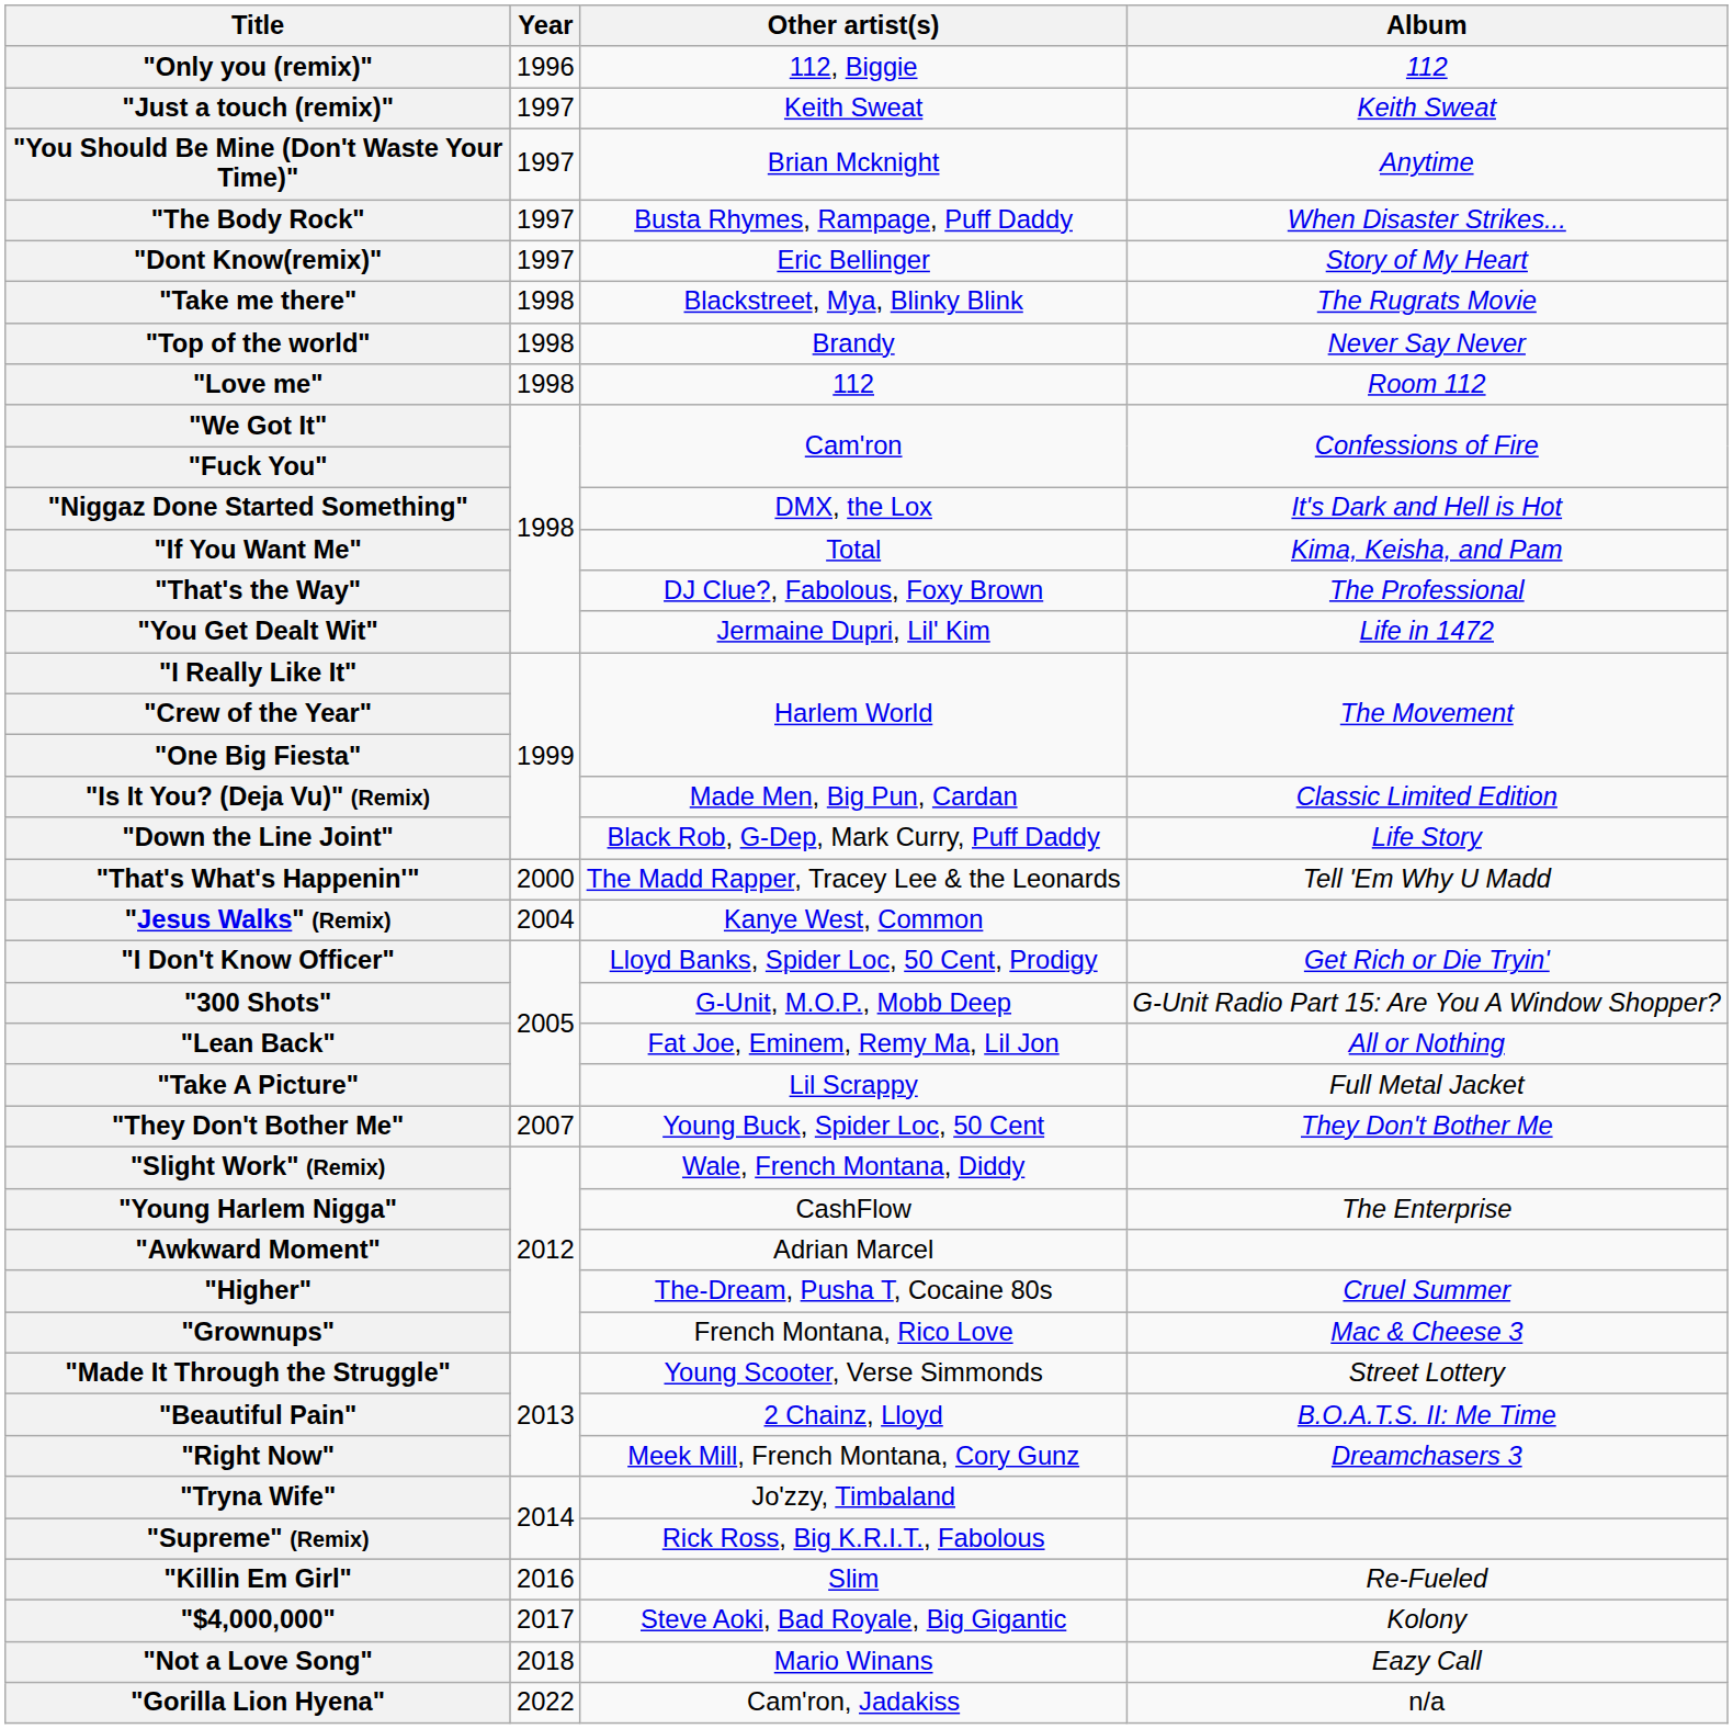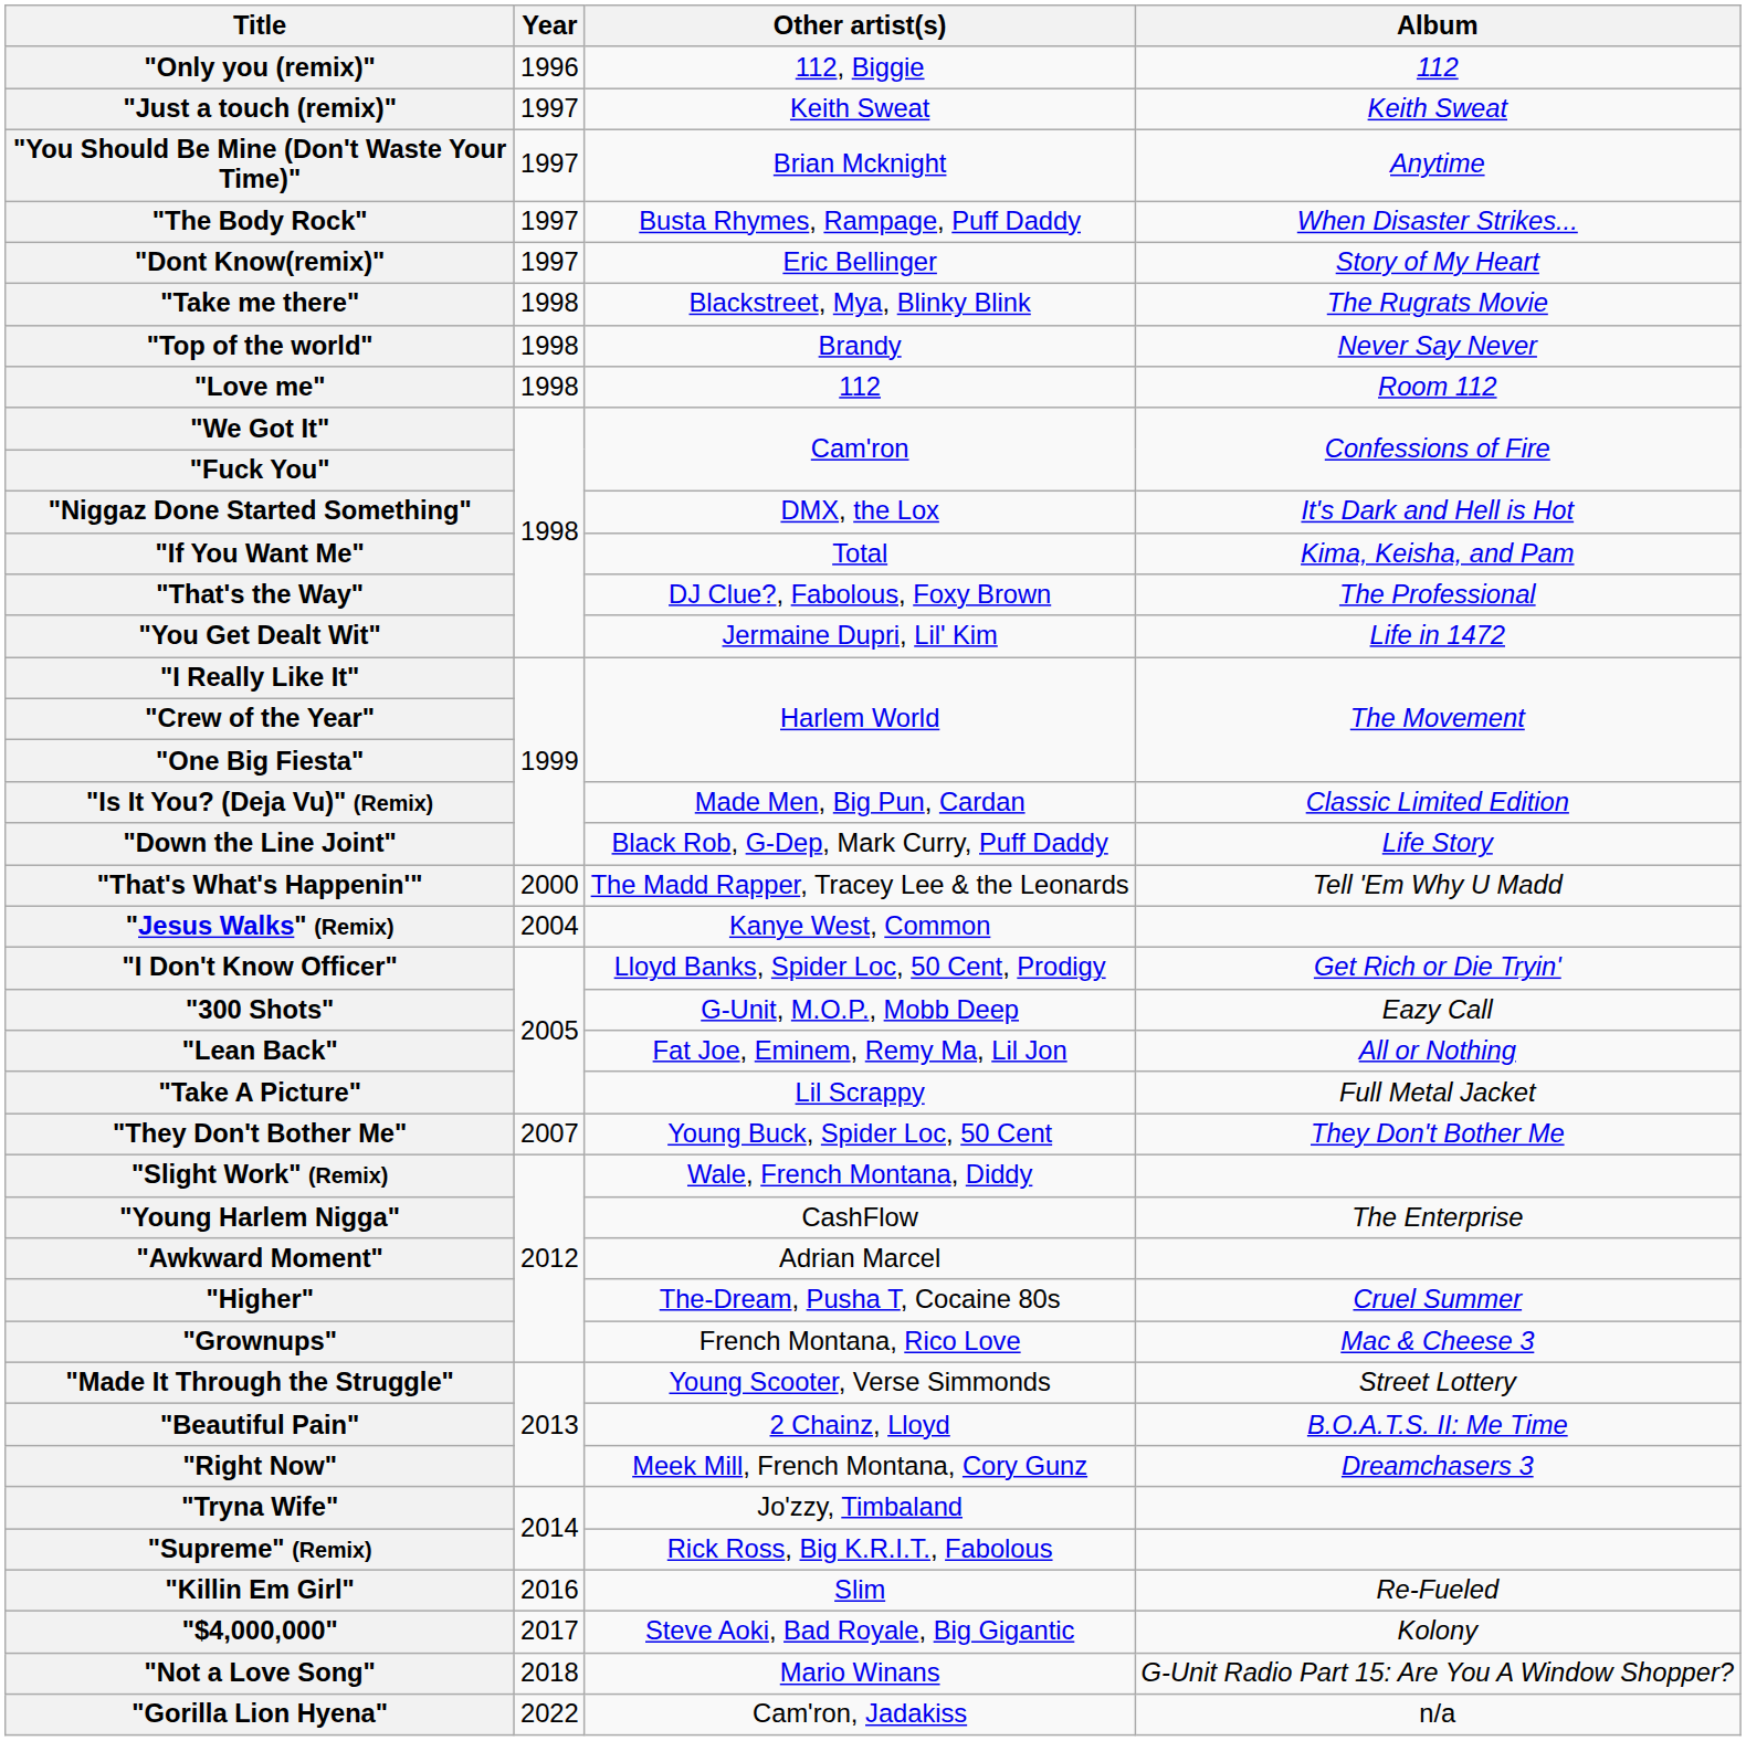 <table class="wikitable plainrowheaders" style="text-align:center;">
 <tr>
 <th scope="col" style="width:19em;">Title</th>
 <th scope="col">Year</th>
 <th scope="col">Other artist(s)</th>
 <th scope="col">Album</th>
 </tr>
 <tr>
 <th scope="row">"Only you (remix)"</th>
 <td>1996</td>
 <td><a href='#'>112</a>, <a href='#'>Biggie</a></td>
 <td><em><a href='#'>112</a></em></td>
 </tr>
 <tr>
 <th scope="row">"Just a touch (remix)"</th>
 <td>1997</td>
 <td><a href='#'>Keith Sweat</a></td>
 <td><em><a href='#'>Keith Sweat</a></em></td>
 </tr>
 <tr>
 <th scope="row">"You Should Be Mine (Don't Waste Your Time)"</th>
 <td>1997</td>
 <td><a href='#'>Brian Mcknight</a></td>
 <td><em><a href='#'>Anytime</a></em></td>
 </tr>
 <tr>
 <th scope="row">"The Body Rock"</th>
 <td>1997</td>
 <td><a href='#'>Busta Rhymes</a>, <a href='#'>Rampage</a>, <a href='#'>Puff Daddy</a></td>
 <td><em><a href='#'>When Disaster Strikes...</a></em></td>
 </tr>
 <tr>
 <th scope="row">"Dont Know(remix)"</th>
 <td>1997</td>
 <td><a href='#'>Eric Bellinger</a></td>
 <td><em><a href='#'>Story of My Heart</a></em></td>
 </tr>
 <tr>
 <th scope="row">"Take me there"</th>
 <td>1998</td>
 <td><a href='#'>Blackstreet</a>, <a href='#'>Mya</a>, <a href='#'>Blinky Blink</a></td>
 <td><em><a href='#'>The Rugrats Movie</a></em></td>
 </tr>
 <tr>
 <th scope="row">"Top of the world"</th>
 <td>1998</td>
 <td><a href='#'>Brandy</a></td>
 <td><em><a href='#'>Never Say Never</a></em></td>
 </tr>
 <tr>
 <th scope="row">"Love me"</th>
 <td>1998</td>
 <td><a href='#'>112</a></td>
 <td><em><a href='#'>Room 112</a></em></td>
 </tr>
 <tr>
 <th scope="row">"We Got It"</th>
 <td rowspan="6">1998</td>
 <td rowspan="2"><a href='#'>Cam'ron</a></td>
 <td rowspan="2"><em><a href='#'>Confessions of Fire</a></em></td>
 </tr>
 <tr>
 <th scope="row">"Fuck You"</th>
 </tr>
 <tr>
 <th scope="row">"Niggaz Done Started Something"</th>
 <td><a href='#'>DMX</a>, <a href='#'>the Lox</a></td>
 <td><em><a href='#'>It's Dark and Hell is Hot</a></em></td>
 </tr>
 <tr>
 <th scope="row">"If You Want Me"</th>
 <td><a href='#'>Total</a></td>
 <td><em><a href='#'>Kima, Keisha, and Pam</a></em></td>
 </tr>
 <tr>
 <th scope="row">"That's the Way"</th>
 <td><a href='#'>DJ Clue?</a>, <a href='#'>Fabolous</a>, <a href='#'>Foxy Brown</a></td>
 <td><em><a href='#'>The Professional</a></em></td>
 </tr>
 <tr>
 <th scope="row">"You Get Dealt Wit"</th>
 <td><a href='#'>Jermaine Dupri</a>, <a href='#'>Lil' Kim</a></td>
 <td><em><a href='#'>Life in 1472</a></em></td>
 </tr>
 <tr>
 <th scope="row">"I Really Like It"</th>
 <td rowspan="5">1999</td>
 <td rowspan="3"><a href='#'>Harlem World</a></td>
 <td rowspan="3"><em><a href='#'>The Movement</a></em></td>
 </tr>
 <tr>
 <th scope="row">"Crew of the Year"</th>
 </tr>
 <tr>
 <th scope="row">"One Big Fiesta"</th>
 </tr>
 <tr>
 <th scope="row">"Is It You? (Deja Vu)" <small>(Remix)</small></th>
 <td><a href='#'>Made Men</a>, <a href='#'>Big Pun</a>, <a href='#'>Cardan</a></td>
 <td><em><a href='#'>Classic Limited Edition</a></em></td>
 </tr>
 <tr>
 <th scope="row">"Down the Line Joint"</th>
 <td><a href='#'>Black Rob</a>, <a href='#'>G-Dep</a>, Mark Curry, <a href='#'>Puff Daddy</a></td>
 <td><em><a href='#'>Life Story</a></em></td>
 </tr>
 <tr>
 <th scope="row">"That's What's Happenin'"</th>
 <td>2000</td>
 <td><a href='#'>The Madd Rapper</a>, Tracey Lee & the Leonards</td>
 <td><em>Tell 'Em Why U Madd</em></td>
 </tr>
 <tr>
 <th scope="row">"<a href='#'>Jesus Walks</a>" <small>(Remix)</small></th>
 <td>2004</td>
 <td><a href='#'>Kanye West</a>, <a href='#'>Common</a></td>
 <td></td>
 </tr>
 <tr>
 <th scope="row">"I Don't Know Officer"</th>
 <td rowspan="4">2005</td>
 <td><a href='#'>Lloyd Banks</a>, <a href='#'>Spider Loc</a>, <a href='#'>50 Cent</a>, <a href='#'>Prodigy</a></td>
 <td><em><a href='#'>Get Rich or Die Tryin'</a></em></td>
 </tr>
 <tr>
 <th scope="row">"300 Shots"</th>
 <td><a href='#'>G-Unit</a>, <a href='#'>M.O.P.</a>, <a href='#'>Mobb Deep</a></td>
-<td><em>G-Unit Radio Part 15: Are You A Window Shopper?</em></td>
+<td><em>Eazy Call</em></td>
 </tr>
 <tr>
 <th scope="row">"Lean Back"</th>
 <td><a href='#'>Fat Joe</a>, <a href='#'>Eminem</a>, <a href='#'>Remy Ma</a>, <a href='#'>Lil Jon</a></td>
 <td><em><a href='#'>All or Nothing</a></em></td>
 </tr>
 <tr>
 <th scope="row">"Take A Picture"</th>
 <td><a href='#'>Lil Scrappy</a></td>
 <td><em>Full Metal Jacket</em></td>
 </tr>
 <tr>
 <th scope="row">"They Don't Bother Me"</th>
 <td>2007</td>
 <td><a href='#'>Young Buck</a>, <a href='#'>Spider Loc</a>, <a href='#'>50 Cent</a></td>
 <td><em><a href='#'>They Don't Bother Me</a></em></td>
 </tr>
 <tr>
 <th scope="row">"Slight Work" <small>(Remix)</small></th>
 <td rowspan="5">2012</td>
 <td><a href='#'>Wale</a>, <a href='#'>French Montana</a>, <a href='#'>Diddy</a></td>
 <td></td>
 </tr>
 <tr>
 <th scope="row">"Young Harlem Nigga"</th>
 <td>CashFlow</td>
 <td><em>The Enterprise</em></td>
 </tr>
 <tr>
 <th scope="row">"Awkward Moment"</th>
 <td>Adrian Marcel</td>
 <td></td>
 </tr>
 <tr>
 <th scope="row">"Higher"</th>
 <td><a href='#'>The-Dream</a>, <a href='#'>Pusha T</a>, Cocaine 80s</td>
 <td><em><a href='#'>Cruel Summer</a></em></td>
 </tr>
 <tr>
 <th scope="row">"Grownups"</th>
 <td>French Montana, <a href='#'>Rico Love</a></td>
 <td><em><a href='#'>Mac & Cheese 3</a></em></td>
 </tr>
 <tr>
 <th scope="row">"Made It Through the Struggle"</th>
 <td rowspan="3">2013</td>
 <td><a href='#'>Young Scooter</a>, Verse Simmonds</td>
 <td><em>Street Lottery</em></td>
 </tr>
 <tr>
 <th scope="row">"Beautiful Pain"</th>
 <td><a href='#'>2 Chainz</a>, <a href='#'>Lloyd</a></td>
 <td><em><a href='#'>B.O.A.T.S. II: Me Time</a></em></td>
 </tr>
 <tr>
 <th scope="row">"Right Now"</th>
 <td><a href='#'>Meek Mill</a>, French Montana, <a href='#'>Cory Gunz</a></td>
 <td><em><a href='#'>Dreamchasers 3</a></em></td>
 </tr>
 <tr>
 <th scope="row">"Tryna Wife"</th>
 <td rowspan="2">2014</td>
 <td>Jo'zzy, <a href='#'>Timbaland</a></td>
 <td></td>
 </tr>
 <tr>
 <th scope="row">"Supreme" <small>(Remix)</small></th>
 <td><a href='#'>Rick Ross</a>, <a href='#'>Big K.R.I.T.</a>, <a href='#'>Fabolous</a></td>
 <td></td>
 </tr>
 <tr>
 <th scope="row">"Killin Em Girl"</th>
 <td rowspan="1">2016</td>
 <td><a href='#'>Slim</a></td>
 <td><em>Re-Fueled</em></td>
 </tr>
 <tr>
 <th scope="row">"$4,000,000"</th>
 <td rowspan="1">2017</td>
 <td><a href='#'>Steve Aoki</a>, <a href='#'>Bad Royale</a>, <a href='#'>Big Gigantic</a></td>
 <td><em>Kolony</em></td>
 </tr>
 <tr>
 <th scope="row">"Not a Love Song"</th>
 <td rowspan="1">2018</td>
 <td><a href='#'>Mario Winans</a></td>
-<td><em>Eazy Call</em></td>
+<td><em>G-Unit Radio Part 15: Are You A Window Shopper?</em></td>
 </tr>
 <tr>
 <th scope="row">"Gorilla Lion Hyena"</th>
 <td rowspan="1">2022</td>
 <td>Cam'ron, <a href='#'>Jadakiss</a></td>
 <td>n/a</td>
 </tr>
 </table>
